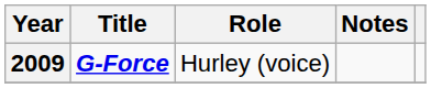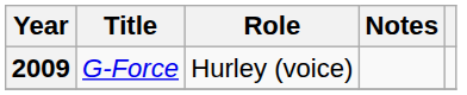 <table class="wikitable plainrowheaders" style="margin-right: 0;">
 <tr>
 <th scope="col">Year</th>
 <th scope="col">Title</th>
 <th scope="col">Role</th>
 <th scope="col">Notes</th>
 <th scope="col"></th>
 </tr>
 <tr>
 <th scope="row">2009</th>
-<td><strong><em><a href='#'>G-Force</a></em></strong></td>
+<td><em><a href='#'>G-Force</a></em></td>
 <td>Hurley (voice)</td>
 <td></td>
 <td style="text-align: center;"></td>
 </tr>
 <tr>
 </tr>
 </table>
